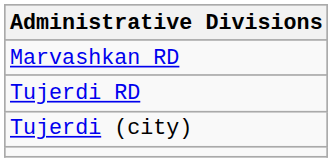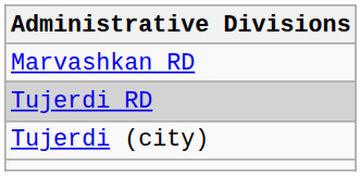 <table class="wikitable">
 <tr>
 <th>Administrative Divisions</th>
 </tr>
 <tr>
 <td><a href='#'>Marvashkan RD</a></td>
 </tr>
 <tr>
-<td><a href='#'>Tujerdi RD</a></td>
+<td style="background: lightgrey;"><a href='#'>Tujerdi RD</a></td>
 </tr>
 <tr>
 <td><a href='#'>Tujerdi</a> (city)</td>
 </tr>
 <tr>
 <td colspan=1></td>
 </tr>
 </table>
